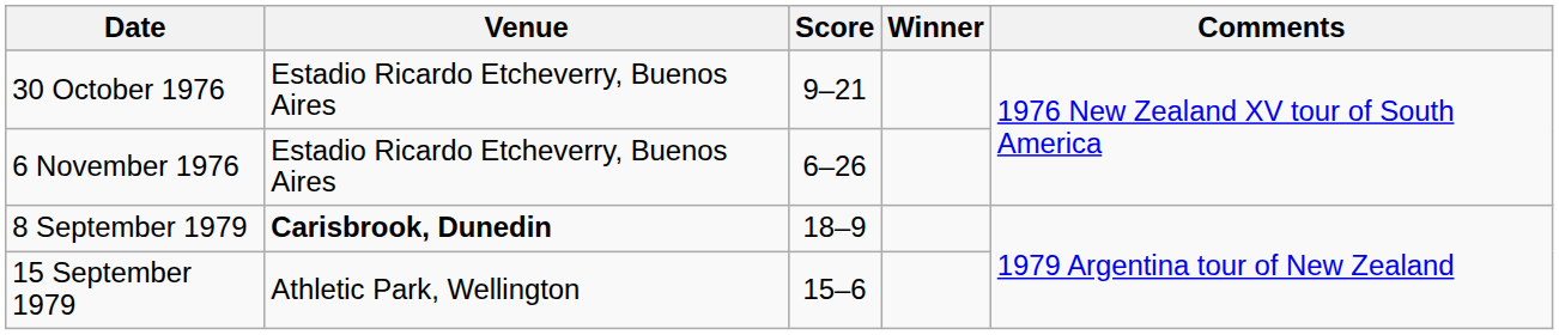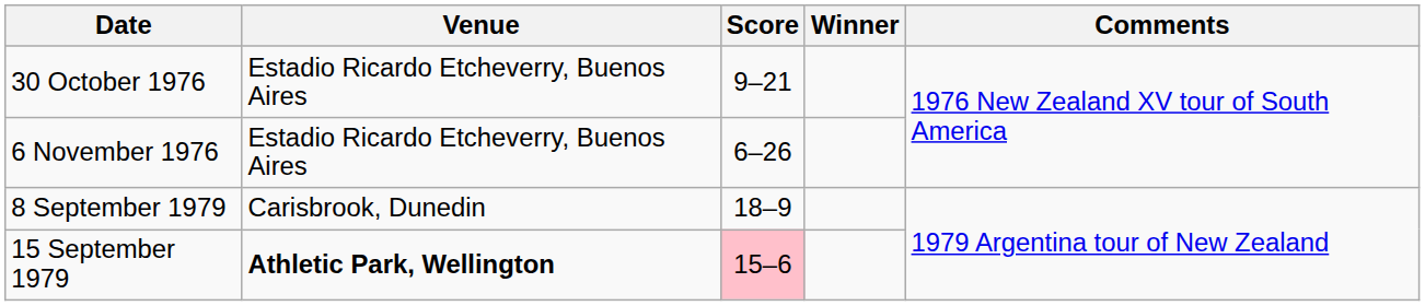 <table class="wikitable">
 <tr>
 <th>Date</th>
 <th>Venue</th>
 <th>Score</th>
 <th>Winner</th>
 <th>Comments</th>
 </tr>
 <tr>
 <td>30 October 1976</td>
 <td>Estadio Ricardo Etcheverry, Buenos Aires</td>
 <td align=center>9–21</td>
 <td></td>
 <td rowspan=2><a href='#'>1976 New Zealand XV tour of South America</a></td>
 </tr>
 <tr>
 <td>6 November 1976</td>
 <td>Estadio Ricardo Etcheverry, Buenos Aires</td>
 <td align=center>6–26</td>
 <td></td>
 </tr>
 <tr>
 <td>8 September 1979</td>
-<td><strong>Carisbrook, Dunedin</strong></td>
+<td>Carisbrook, Dunedin</td>
 <td align=center>18–9</td>
 <td></td>
 <td rowspan=2><a href='#'>1979 Argentina tour of New Zealand</a></td>
 </tr>
 <tr>
 <td>15 September 1979</td>
-<td>Athletic Park, Wellington</td>
-<td align=center>15–6</td>
+<td><strong>Athletic Park, Wellington</strong></td>
+<td align=center style="background: pink;">15–6</td>
 <td></td>
 </tr>
 </table>
